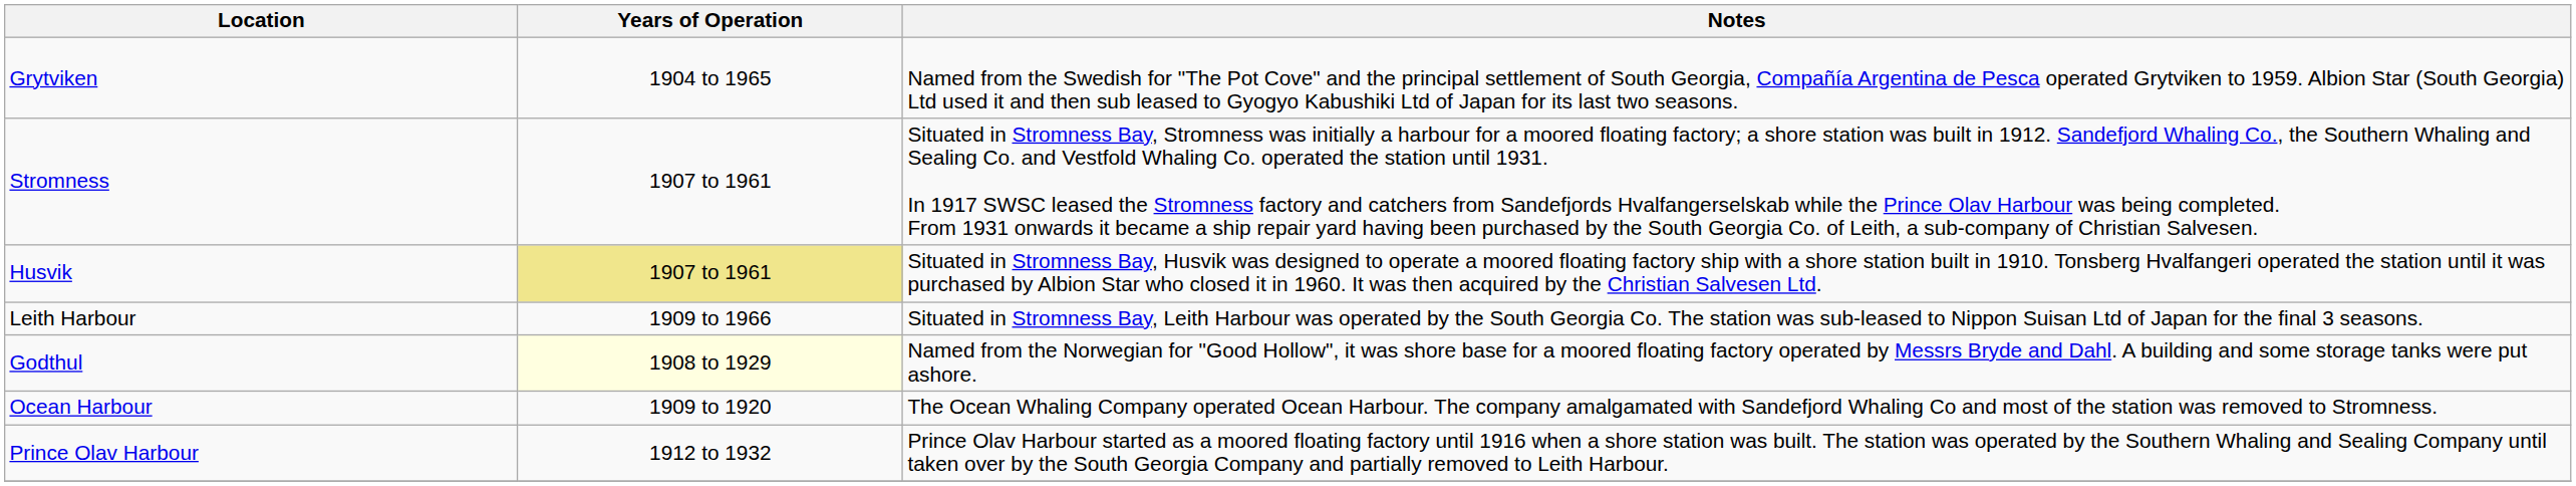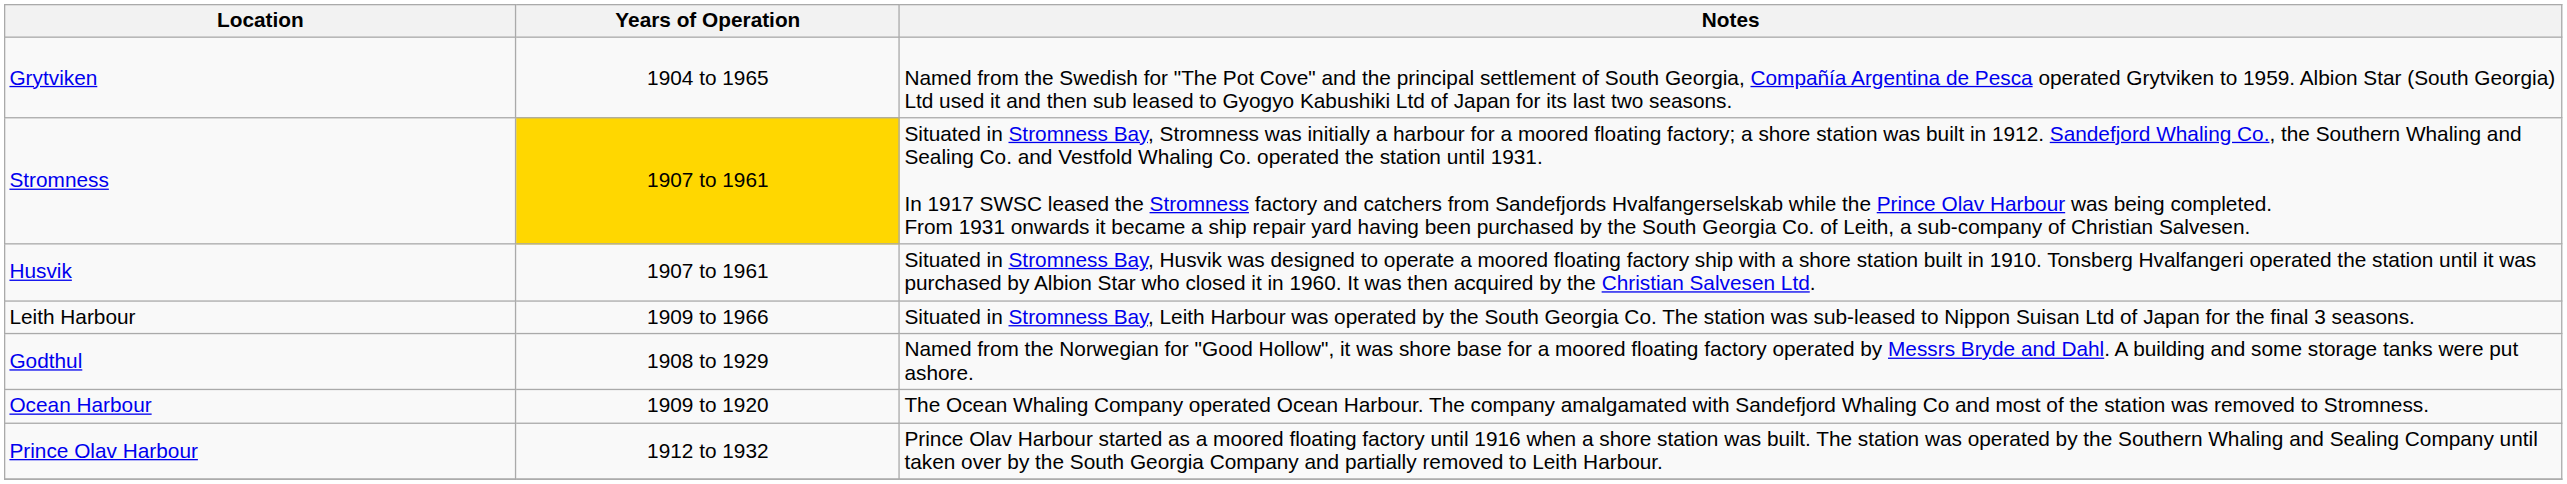 <table class="wikitable sortable">
 <tr>
 <th scope="col" width="20%" valign="top">Location</th>
 <th scope="col" width="15%" valign="top">Years of Operation</th>
 <th scope="col" colspan="4" width="65%" class="unsortable">Notes</th>
 </tr>
 <tr>
 <td><a href='#'>Grytviken</a></td>
 <td align="Center">1904 to 1965</td>
 <td colspan="4" width="65%" !scope="col"><br> Named from the Swedish for "The Pot Cove" and the principal settlement of South Georgia, <a href='#'>Compañía Argentina de Pesca</a> operated Grytviken to 1959. Albion Star (South Georgia) Ltd used it and then sub leased to Gyogyo Kabushiki Ltd of Japan for its last two seasons.</td>
 </tr>
 <tr>
 <td><a href='#'>Stromness</a></td>
-<td align="Center">1907 to 1961</td>
+<td align="Center" style="background: gold;">1907 to 1961</td>
 <td !scope="col" colspan="4" width="65%">Situated in <a href='#'>Stromness Bay</a>, Stromness was initially a harbour for a moored floating factory; a shore station was built in 1912. <a href='#'>Sandefjord Whaling Co.</a>, the Southern Whaling and Sealing Co. and Vestfold Whaling Co. operated the station until 1931.<br><br>In 1917 <abbr>SWSC</abbr> leased the <a href='#'>Stromness</a> factory and catchers from Sandefjords Hvalfangerselskab while the <a href='#'>Prince Olav Harbour</a> was being completed.<br> From 1931 onwards it became a ship repair yard having been purchased by the South Georgia Co. of Leith, a sub-company of Christian Salvesen.</td>
 </tr>
 <tr>
 <td><a href='#'>Husvik</a></td>
-<td align="Center" style="background: khaki;">1907 to 1961</td>
+<td align="Center">1907 to 1961</td>
 <td !scope="col" colspan="4" width="65%">Situated in <a href='#'>Stromness Bay</a>, Husvik was designed to operate a moored floating factory ship with a shore station built in 1910. Tonsberg Hvalfangeri operated the station until it was purchased by Albion Star who closed it in 1960. It was then acquired by the <a href='#'>Christian Salvesen Ltd</a>.</td>
 </tr>
 <tr>
 <td>Leith Harbour</td>
 <td align="Center">1909 to 1966</td>
 <td !scope="col" colspan="4" width="65%">Situated in <a href='#'>Stromness Bay</a>, Leith Harbour was operated by the South Georgia Co. The station was sub-leased to Nippon Suisan Ltd of Japan for the final 3 seasons.</td>
 </tr>
 <tr>
 <td><a href='#'>Godthul</a></td>
-<td align="Center" style="background: lightyellow;">1908 to 1929</td>
+<td align="Center">1908 to 1929</td>
 <td !scope="col" colspan="4" width="65%">Named from the Norwegian for "Good Hollow", it was shore base for a moored floating factory operated by <a href='#'>Messrs Bryde and Dahl</a>. A building and some storage tanks were put ashore.</td>
 </tr>
 <tr>
 <td><a href='#'>Ocean Harbour</a></td>
 <td align="Center">1909 to 1920</td>
 <td !scope="col" colspan="4" width="65%">The Ocean Whaling Company operated Ocean Harbour. The company amalgamated with Sandefjord Whaling Co and most of the station was removed to Stromness.</td>
 </tr>
 <tr>
 <td><a href='#'>Prince Olav Harbour</a></td>
 <td align="Center">1912 to 1932</td>
 <td !scope="col" colspan="4" width="65%">Prince Olav Harbour started as a moored floating factory until 1916 when a shore station was built. The station was operated by the Southern Whaling and Sealing Company until taken over by the South Georgia Company and partially removed to Leith Harbour.</td>
 </tr>
 <tr>
 </tr>
 </table>
